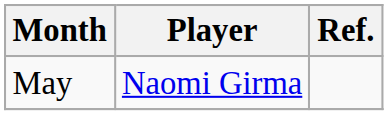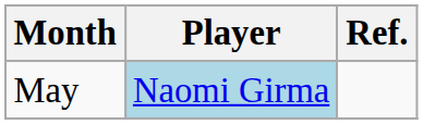 <table class=wikitable>
 <tr>
 <th>Month</th>
 <th>Player</th>
 <th>Ref.</th>
 </tr>
 <tr>
 <td>May</td>
-<td> <a href='#'>Naomi Girma</a></td>
+<td style="background: lightblue;"> <a href='#'>Naomi Girma</a></td>
 <td></td>
 </tr>
 <tr>
 </tr>
 </table>
